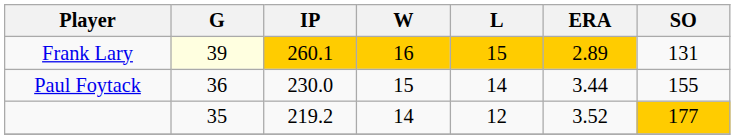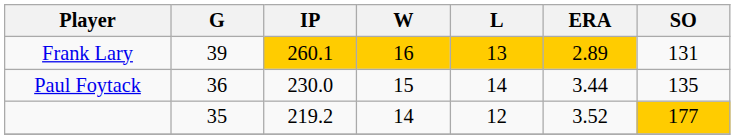 <table class="wikitable sortable">
 <tr>
 <th bgcolor="#DDDDFF" width="16%">Player</th>
 <th bgcolor="#DDDDFF" width="9%">G</th>
 <th bgcolor="#DDDDFF" width="9%">IP</th>
 <th bgcolor="#DDDDFF" width="9%">W</th>
 <th bgcolor="#DDDDFF" width="9%">L</th>
 <th bgcolor="#DDDDFF" width="9%">ERA</th>
 <th bgcolor="#DDDDFF" width="9%">SO</th>
 </tr>
 <tr align="center">
 <td><a href='#'>Frank Lary</a></td>
-<td style="background: lightyellow;">39</td>
+<td>39</td>
 <td style="background:#fc0;">260.1</td>
 <td style="background:#fc0;">16</td>
-<td style="background:#fc0;">15</td>
+<td style="background:#fc0;">13</td>
 <td style="background:#fc0;">2.89</td>
 <td>131</td>
 </tr>
 <tr align=center>
 <td><a href='#'>Paul Foytack</a></td>
 <td>36</td>
 <td>230.0</td>
 <td>15</td>
 <td>14</td>
 <td>3.44</td>
-<td>155</td>
+<td>135</td>
 </tr>
 <tr align=center>
 <td></td>
 <td>35</td>
 <td>219.2</td>
 <td>14</td>
 <td>12</td>
 <td>3.52</td>
 <td style="background:#fc0;">177</td>
 </tr>
 <tr align="center">
 </tr>
 </table>
